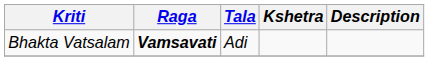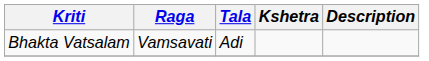 <table class="wikitable">
 <tr>
 <th><em><a href='#'>Kriti</a></em></th>
 <th><em><a href='#'>Raga</a></em></th>
 <th><em><a href='#'>Tala</a></em></th>
 <th><em>Kshetra</em></th>
 <th><em>Description</em></th>
 </tr>
 <tr>
 <td><em>Bhakta Vatsalam</em></td>
-<td><strong><em>Vamsavati</em></strong></td>
+<td><em>Vamsavati</em></td>
 <td><em>Adi</em></td>
 <td></td>
 <td></td>
 </tr>
 <tr>
 </tr>
 </table>
